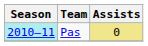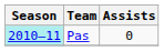 <table class="wikitable" style="text-align: center;">
 <tr>
 <th>Season</th>
 <th>Team</th>
 <th>Assists</th>
 </tr>
 <tr>
 <td style="background: paleturquoise;"><a href='#'>2010–11</a></td>
 <td align="left"><a href='#'>Pas</a></td>
-<td style="background: khaki;">0</td>
+<td>0</td>
 </tr>
 <tr>
 </tr>
 </table>
